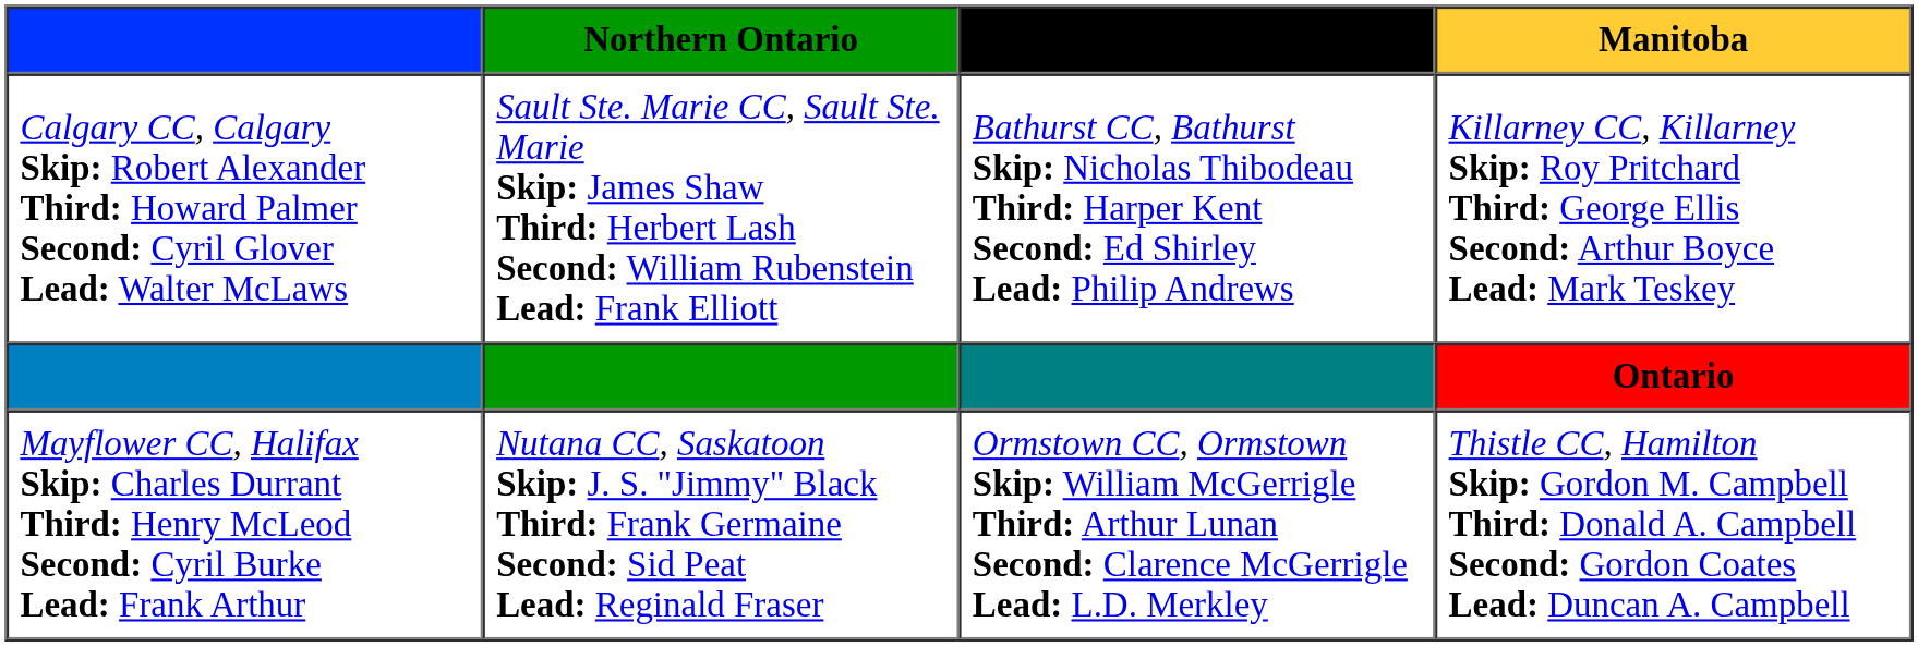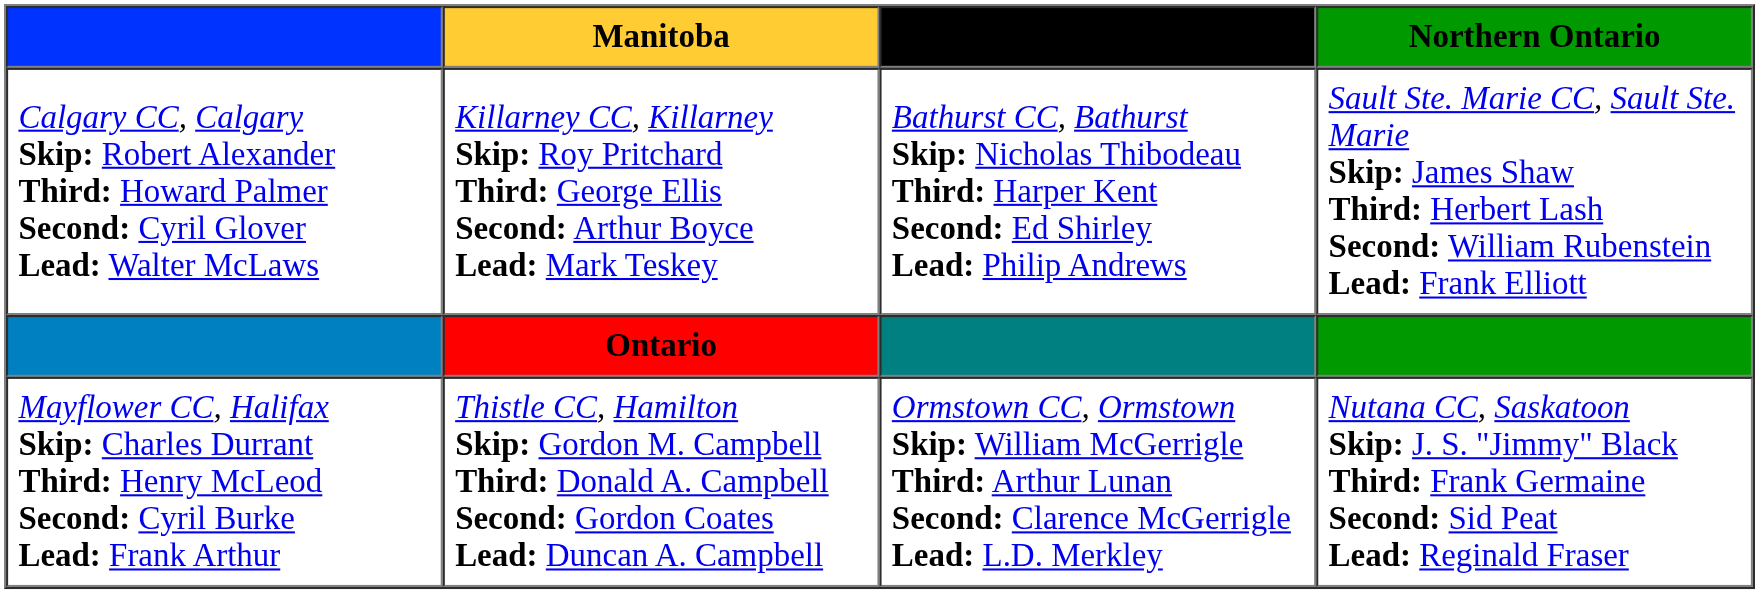 <table - border=1 cellpadding=5 cellspacing=0>
 <tr>
 <th bgcolor=#0033FF width=200></th>
+<th style="background:#FFCC33; width:200px;">Manitoba</th>
+<th bgcolor=#000000 width=200></th>
 <th style="background:#009900; width:200px;">Northern Ontario</th>
-<th bgcolor=#000000 width=200></th>
-<th style="background:#FFCC33; width:200px;">Manitoba</th>
 </tr>
 <tr>
 <td><em><a href='#'>Calgary CC</a>, <a href='#'>Calgary</a></em><br><strong>Skip:</strong> <a href='#'>Robert Alexander</a><br> <strong>Third:</strong> <a href='#'>Howard Palmer</a><br> <strong>Second:</strong> <a href='#'>Cyril Glover</a><br> <strong>Lead:</strong> <a href='#'>Walter McLaws</a></td>
+<td><em><a href='#'>Killarney CC</a>, <a href='#'>Killarney</a></em><br><strong>Skip:</strong> <a href='#'>Roy Pritchard</a><br> <strong>Third:</strong> <a href='#'>George Ellis</a><br> <strong>Second:</strong> <a href='#'>Arthur Boyce</a><br> <strong>Lead:</strong> <a href='#'>Mark Teskey</a></td>
+<td><em><a href='#'>Bathurst CC</a>, <a href='#'>Bathurst</a></em><br><strong>Skip:</strong> <a href='#'>Nicholas Thibodeau</a><br> <strong>Third:</strong> <a href='#'>Harper Kent</a><br> <strong>Second:</strong> <a href='#'>Ed Shirley</a><br> <strong>Lead:</strong> <a href='#'>Philip Andrews</a></td>
 <td><em><a href='#'>Sault Ste. Marie CC</a>, <a href='#'>Sault Ste. Marie</a></em><br><strong>Skip:</strong> <a href='#'>James Shaw</a><br> <strong>Third:</strong> <a href='#'>Herbert Lash</a><br> <strong>Second:</strong> <a href='#'>William Rubenstein</a><br> <strong>Lead:</strong> <a href='#'>Frank Elliott</a></td>
-<td><em><a href='#'>Bathurst CC</a>, <a href='#'>Bathurst</a></em><br><strong>Skip:</strong> <a href='#'>Nicholas Thibodeau</a><br> <strong>Third:</strong> <a href='#'>Harper Kent</a><br> <strong>Second:</strong> <a href='#'>Ed Shirley</a><br> <strong>Lead:</strong> <a href='#'>Philip Andrews</a></td>
-<td><em><a href='#'>Killarney CC</a>, <a href='#'>Killarney</a></em><br><strong>Skip:</strong> <a href='#'>Roy Pritchard</a><br> <strong>Third:</strong> <a href='#'>George Ellis</a><br> <strong>Second:</strong> <a href='#'>Arthur Boyce</a><br> <strong>Lead:</strong> <a href='#'>Mark Teskey</a></td>
 </tr>
 <tr border=1 cellpadding=5 cellspacing=0>
 <th bgcolor=#0080C0 width=200></th>
+<th bgcolor=#FF0000 width=200>Ontario</th>
+<th style="background:#008080; width:200px;"></th>
 <th bgcolor=#009900 width=200></th>
-<th style="background:#008080; width:200px;"></th>
-<th bgcolor=#FF0000 width=200>Ontario</th>
 </tr>
 <tr>
 <td><em><a href='#'>Mayflower CC</a>, <a href='#'>Halifax</a></em><br><strong>Skip:</strong> <a href='#'>Charles Durrant</a><br> <strong>Third:</strong> <a href='#'>Henry McLeod</a><br> <strong>Second:</strong> <a href='#'>Cyril Burke</a><br> <strong>Lead:</strong> <a href='#'>Frank Arthur</a></td>
+<td><em><a href='#'>Thistle CC</a>, <a href='#'>Hamilton</a></em><br><strong>Skip:</strong> <a href='#'>Gordon M. Campbell</a><br> <strong>Third:</strong> <a href='#'>Donald A. Campbell</a><br> <strong>Second:</strong> <a href='#'>Gordon Coates</a><br> <strong>Lead:</strong> <a href='#'>Duncan A. Campbell</a></td>
+<td><em><a href='#'>Ormstown CC</a>, <a href='#'>Ormstown</a></em><br><strong>Skip:</strong> <a href='#'>William McGerrigle</a><br> <strong>Third:</strong> <a href='#'>Arthur Lunan</a><br> <strong>Second:</strong> <a href='#'>Clarence McGerrigle</a><br> <strong>Lead:</strong> <a href='#'>L.D. Merkley</a></td>
 <td><em><a href='#'>Nutana CC</a>, <a href='#'>Saskatoon</a></em><br><strong>Skip:</strong> <a href='#'>J. S. "Jimmy" Black</a><br> <strong>Third:</strong> <a href='#'>Frank Germaine</a><br> <strong>Second:</strong> <a href='#'>Sid Peat</a><br> <strong>Lead:</strong> <a href='#'>Reginald Fraser</a></td>
-<td><em><a href='#'>Ormstown CC</a>, <a href='#'>Ormstown</a></em><br><strong>Skip:</strong> <a href='#'>William McGerrigle</a><br> <strong>Third:</strong> <a href='#'>Arthur Lunan</a><br> <strong>Second:</strong> <a href='#'>Clarence McGerrigle</a><br> <strong>Lead:</strong> <a href='#'>L.D. Merkley</a></td>
-<td><em><a href='#'>Thistle CC</a>, <a href='#'>Hamilton</a></em><br><strong>Skip:</strong> <a href='#'>Gordon M. Campbell</a><br> <strong>Third:</strong> <a href='#'>Donald A. Campbell</a><br> <strong>Second:</strong> <a href='#'>Gordon Coates</a><br> <strong>Lead:</strong> <a href='#'>Duncan A. Campbell</a></td>
 </tr>
 </table>
